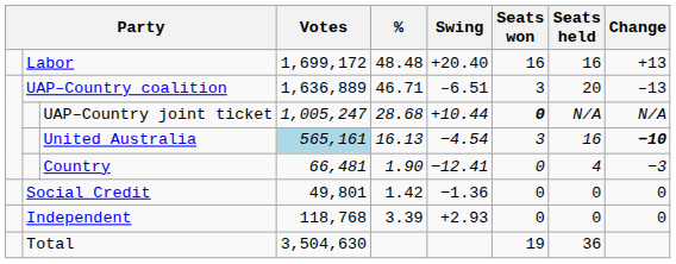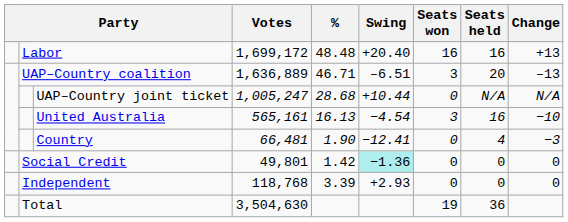 <table class="wikitable">
 <tr>
 <th colspan=3 style="width:180px">Party</th>
 <th style="width:70px">Votes</th>
 <th style="width:40px">%</th>
 <th style="width:40px">Swing</th>
 <th style="width:40px">Seats won</th>
 <th style="width:40px">Seats held</th>
 <th style="width:40px">Change</th>
 </tr>
 <tr>
 <td> </td>
 <td colspan=2><a href='#'>Labor</a></td>
 <td align=right>1,699,172</td>
 <td align=right>48.48</td>
 <td align=right>+20.40</td>
 <td align=right>16</td>
 <td align=right>16</td>
 <td align=right>+13</td>
 </tr>
 <tr>
 <td rowspan=4> </td>
 <td colspan=2><a href='#'>UAP–Country coalition</a></td>
 <td align=right>1,636,889</td>
 <td align=right>46.71</td>
 <td align=right>–6.51</td>
 <td align=right>3</td>
 <td align=right>20</td>
 <td align=right>–13</td>
 </tr>
 <tr>
 <td> </td>
 <td>UAP–Country joint ticket</td>
 <td align=right><em>1,005,247</em></td>
 <td align=right><em>28.68</em></td>
 <td align=right><em>+10.44</em></td>
-<td align=right><strong><em>0</em></strong></td>
+<td align=right><em>0</em></td>
 <td align=right><em>N/A</em></td>
 <td align=right><em>N/A</em></td>
 </tr>
 <tr>
 <td> </td>
 <td><a href='#'>United Australia</a></td>
-<td align=right style="background: lightblue;"><em>565,161</em></td>
+<td align=right><em>565,161</em></td>
 <td align=right><em>16.13</em></td>
 <td align=right><em>−4.54</em></td>
 <td align=right><em>3</em></td>
 <td align=right><em>16</em></td>
-<td align=right><strong><em>−10</em></strong></td>
+<td align=right><em>−10</em></td>
 </tr>
 <tr>
 <td> </td>
 <td><a href='#'>Country</a></td>
 <td align=right><em>66,481</em></td>
 <td align=right><em>1.90</em></td>
 <td align=right><em>−12.41</em></td>
 <td align=right><em>0</em></td>
 <td align=right><em>4</em></td>
 <td align=right><em>−3</em></td>
 </tr>
 <tr>
 <td> </td>
 <td colspan=2><a href='#'>Social Credit</a></td>
 <td align=right>49,801</td>
 <td align=right>1.42</td>
-<td align=right>−1.36</td>
+<td align=right style="background: paleturquoise;">−1.36</td>
 <td align=right>0</td>
 <td align=right>0</td>
 <td align=right>0</td>
 </tr>
 <tr>
 <td> </td>
 <td colspan=2><a href='#'>Independent</a></td>
 <td align=right>118,768</td>
 <td align=right>3.39</td>
 <td align=right>+2.93</td>
 <td align=right>0</td>
 <td align=right>0</td>
 <td align=right>0</td>
 </tr>
 <tr>
 <td> </td>
 <td colspan=2>Total</td>
 <td align=right>3,504,630</td>
 <td align=right> </td>
 <td align=right> </td>
 <td align=right>19</td>
 <td align=right>36</td>
 <td align=right></td>
 </tr>
 </table>
